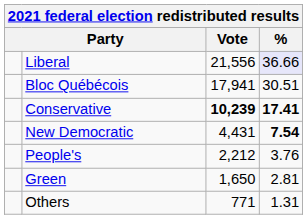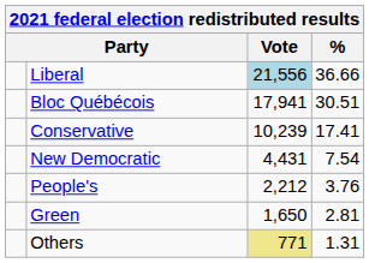 <table class="wikitable">
 <tr>
 <th colspan="4"><a href='#'>2021 federal election</a> redistributed results</th>
 </tr>
 <tr>
 <th bgcolor="#DDDDFF" width="130px" colspan="2">Party</th>
 <th bgcolor="#DDDDFF" width="50px">Vote</th>
 <th bgcolor="#DDDDFF" width="30px">%</th>
 </tr>
 <tr>
 <td> </td>
 <td><a href='#'>Liberal</a></td>
-<td align=right>21,556</td>
-<td align=right style="background: lavender;">36.66</td>
+<td align=right style="background: lightblue;">21,556</td>
+<td align=right>36.66</td>
 </tr>
 <tr>
 <td> </td>
 <td><a href='#'>Bloc Québécois</a></td>
 <td align=right>17,941</td>
 <td align=right>30.51</td>
 </tr>
 <tr>
 <td> </td>
 <td><a href='#'>Conservative</a></td>
-<td align=right><strong>10,239</strong></td>
-<td align=right><strong>17.41</strong></td>
+<td align=right>10,239</td>
+<td align=right>17.41</td>
 </tr>
 <tr>
 <td> </td>
 <td><a href='#'>New Democratic</a></td>
 <td align=right>4,431</td>
-<td align=right><strong>7.54</strong></td>
+<td align=right>7.54</td>
 </tr>
 <tr>
 <td> </td>
 <td><a href='#'>People's</a></td>
 <td align=right>2,212</td>
 <td align=right>3.76</td>
 </tr>
 <tr>
 <td> </td>
 <td><a href='#'>Green</a></td>
 <td align=right>1,650</td>
 <td align=right>2.81</td>
 </tr>
 <tr>
 <td> </td>
 <td>Others</td>
-<td align=right>771</td>
+<td align=right style="background: khaki;">771</td>
 <td align=right>1.31</td>
 </tr>
 </table>
